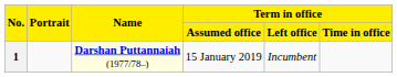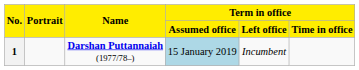 <table class="wikitable" style="text-align:center;">
 <tr>
 <th rowspan=2 style="background-color:#FFED00;color:black">No.</th>
 <th rowspan=2 style="background-color:#FFED00;color:black">Portrait</th>
 <th rowspan=2 style="background-color:#FFED00;color:black">Name<br></th>
 <th colspan=3 style="background-color:#FFED00;color:black">Term in office</th>
 </tr>
 <tr>
 <th style="background-color:#FFED00;color:black">Assumed office</th>
 <th style="background-color:#FFED00;color:black">Left office</th>
 <th style="background-color:#FFED00;color:black">Time in office</th>
 </tr>
 <tr>
 <th>1</th>
 <td></td>
-<td style="background: lightyellow;"><strong><a href='#'>Darshan Puttannaiah</a></strong><br><small>(1977/78–)</small></td>
-<td>15 January 2019</td>
+<td><strong><a href='#'>Darshan Puttannaiah</a></strong><br><small>(1977/78–)</small></td>
+<td style="background: lightblue;">15 January 2019</td>
 <td><em>Incumbent</em></td>
 <td></td>
 </tr>
 </table>
